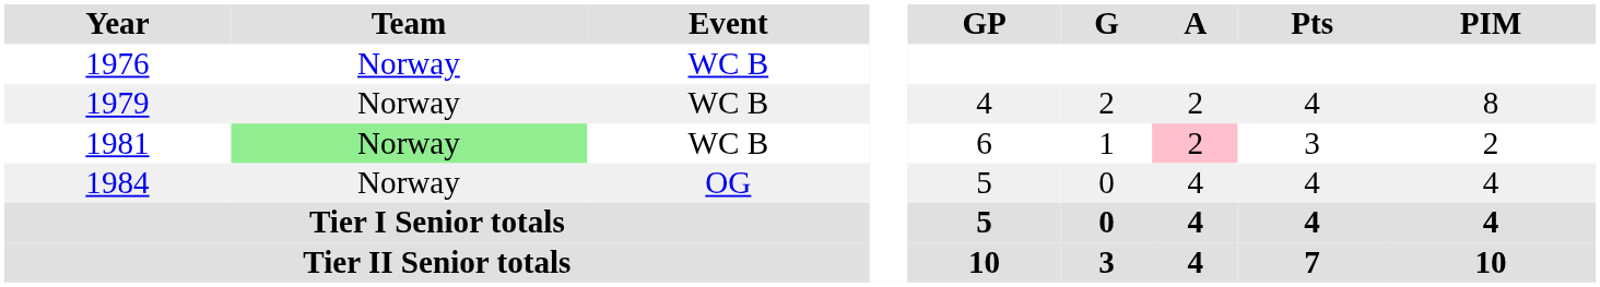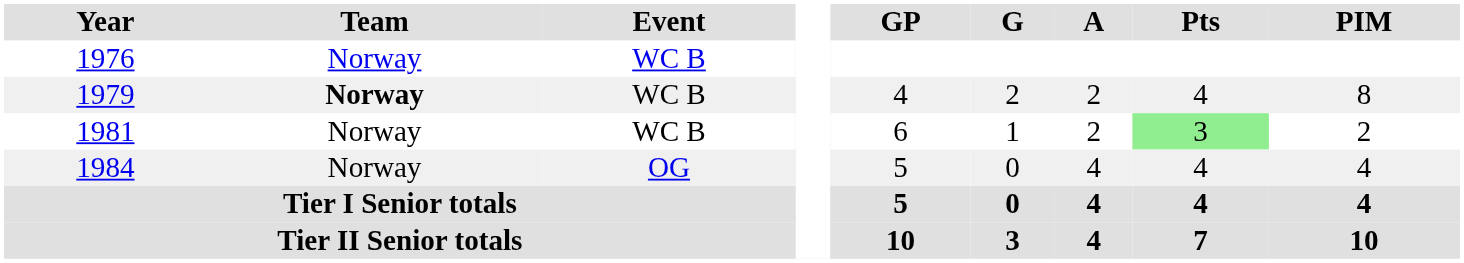 <table border="0" cellpadding="1" cellspacing="0" style="text-align:center; width:50em">
 <tr ALIGN="center" bgcolor="#e0e0e0">
 <th>Year</th>
 <th>Team</th>
 <th>Event</th>
 <th rowspan="99" bgcolor="#ffffff"> </th>
 <th>GP</th>
 <th>G</th>
 <th>A</th>
 <th>Pts</th>
 <th>PIM</th>
 </tr>
 <tr>
 <td><a href='#'>1976</a></td>
 <td><a href='#'>Norway</a></td>
 <td><a href='#'>WC B</a></td>
 <td></td>
 <td></td>
 <td></td>
 <td></td>
 <td></td>
 </tr>
 <tr bgcolor="#f0f0f0">
 <td><a href='#'>1979</a></td>
-<td>Norway</td>
+<td><strong>Norway</strong></td>
 <td>WC B</td>
 <td>4</td>
 <td>2</td>
 <td>2</td>
 <td>4</td>
 <td>8</td>
 </tr>
 <tr>
 <td><a href='#'>1981</a></td>
-<td style="background: lightgreen;">Norway</td>
+<td>Norway</td>
 <td>WC B</td>
 <td>6</td>
 <td>1</td>
-<td style="background: pink;">2</td>
-<td>3</td>
+<td>2</td>
+<td style="background: lightgreen;">3</td>
 <td>2</td>
 </tr>
 <tr bgcolor="#f0f0f0">
 <td><a href='#'>1984</a></td>
 <td>Norway</td>
 <td><a href='#'>OG</a></td>
 <td>5</td>
 <td>0</td>
 <td>4</td>
 <td>4</td>
 <td>4</td>
 </tr>
 <tr bgcolor="#e0e0e0">
 <th colspan=3>Tier I Senior totals</th>
 <th>5</th>
 <th>0</th>
 <th>4</th>
 <th>4</th>
 <th>4</th>
 </tr>
 <tr bgcolor="#e0e0e0">
 <th colspan=3>Tier II Senior totals</th>
 <th>10</th>
 <th>3</th>
 <th>4</th>
 <th>7</th>
 <th>10</th>
 </tr>
 </table>
